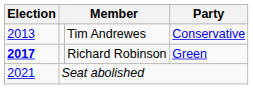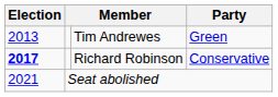 <table class="wikitable">
 <tr>
 <th>Election</th>
 <th colspan="2">Member</th>
 <th>Party</th>
 </tr>
 <tr>
 <td><a href='#'>2013</a></td>
 <td rowspan="1" style="background-color: "></td>
 <td rowspan="1">Tim Andrewes</td>
-<td rowspan="1"><a href='#'>Conservative</a></td>
+<td rowspan="1"><a href='#'>Green</a></td>
 </tr>
 <tr>
 <td><strong><a href='#'>2017</a></strong></td>
 <td rowspan="1" style="background-color: "></td>
 <td rowspan="1">Richard Robinson</td>
-<td rowspan="1"><a href='#'>Green</a></td>
+<td rowspan="1"><a href='#'>Conservative</a></td>
 </tr>
 <tr>
 <td><a href='#'>2021</a></td>
 <td colspan="3"><em>Seat abolished</em></td>
 </tr>
 </table>
